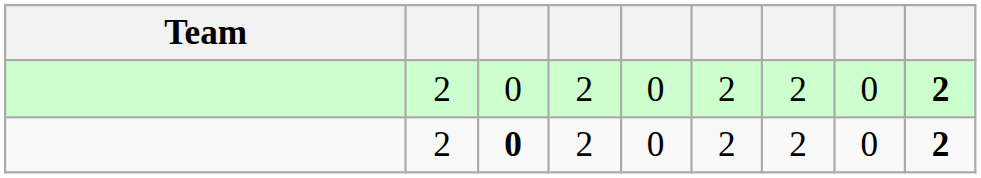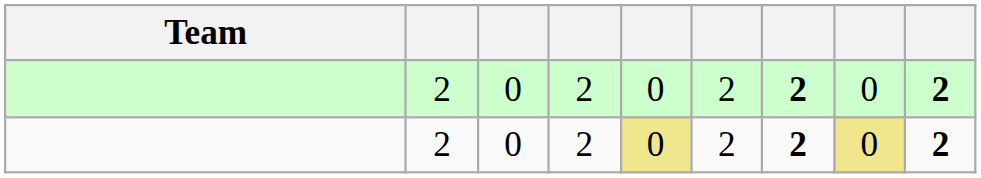 <table class="wikitable" style="text-align:center">
 <tr>
 <th width=175>Team</th>
 <th width=25></th>
 <th width=25></th>
 <th width=25></th>
 <th width=25></th>
 <th width=25></th>
 <th width=25></th>
 <th width=25></th>
 <th width=25></th>
 </tr>
 <tr align=center bgcolor=#ccffcc>
 <td align=left></td>
 <td>2</td>
 <td>0</td>
 <td>2</td>
 <td>0</td>
 <td>2</td>
-<td>2</td>
+<td><strong>2</strong></td>
 <td>0</td>
 <td><strong>2</strong></td>
 </tr>
 <tr>
 <td align=left></td>
 <td>2</td>
-<td><strong>0</strong></td>
-<td>2</td>
 <td>0</td>
 <td>2</td>
+<td style="background: khaki;">0</td>
 <td>2</td>
-<td>0</td>
+<td><strong>2</strong></td>
+<td style="background: khaki;">0</td>
 <td><strong>2</strong></td>
 </tr>
 </table>
